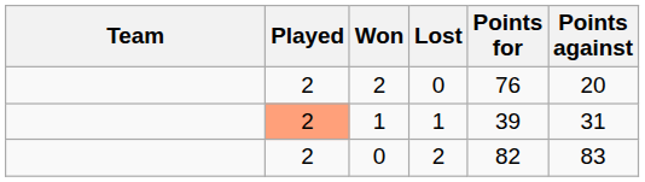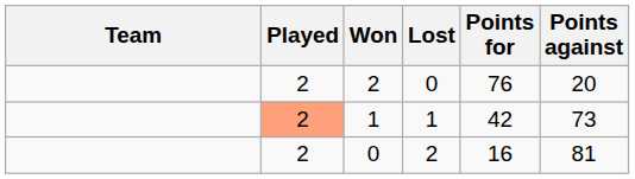 <table class="wikitable" style="text-align:center;">
 <tr>
 <th width=175>Team</th>
 <th width=20>Played</th>
 <th width=20>Won</th>
 <th width=20>Lost</th>
 <th width=20>Points for</th>
 <th width=20>Points against</th>
 </tr>
 <tr>
 <td align=left></td>
 <td>2</td>
 <td>2</td>
 <td>0</td>
 <td>76</td>
 <td>20</td>
 </tr>
 <tr>
 <td align=left></td>
 <td style="background: lightsalmon;">2</td>
 <td>1</td>
 <td>1</td>
-<td>39</td>
-<td>31</td>
+<td>42</td>
+<td>73</td>
 </tr>
 <tr>
 <td align=left></td>
 <td>2</td>
 <td>0</td>
 <td>2</td>
-<td>82</td>
-<td>83</td>
+<td>16</td>
+<td>81</td>
 </tr>
 </table>
